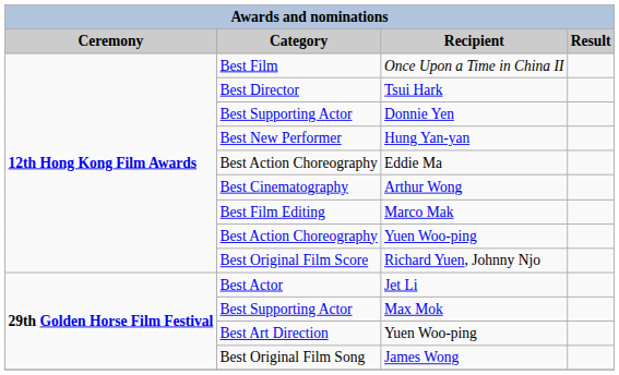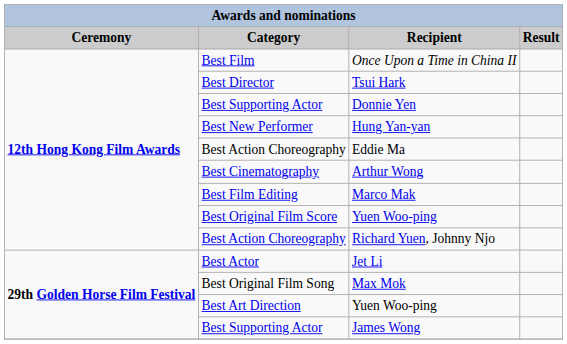 <table class="wikitable" style="font-size:95%;" ;>
 <tr>
 <th colspan="4" style="background: LightSteelBlue;">Awards and nominations</th>
 </tr>
 <tr>
 <th style="background:#ccc">Ceremony</th>
 <th style="background:#ccc">Category</th>
 <th style="background:#ccc">Recipient</th>
 <th style="background:#ccc">Result</th>
 </tr>
 <tr>
 <td rowspan=9><strong><a href='#'>12th Hong Kong Film Awards</a></strong></td>
 <td><a href='#'>Best Film</a></td>
 <td><em>Once Upon a Time in China II</em></td>
 <td></td>
 </tr>
 <tr>
 <td><a href='#'>Best Director</a></td>
 <td><a href='#'>Tsui Hark</a></td>
 <td></td>
 </tr>
 <tr>
 <td><a href='#'>Best Supporting Actor</a></td>
 <td><a href='#'>Donnie Yen</a></td>
 <td></td>
 </tr>
 <tr>
 <td><a href='#'>Best New Performer</a></td>
 <td><a href='#'>Hung Yan-yan</a></td>
 <td></td>
 </tr>
 <tr>
 <td>Best Action Choreography</td>
 <td>Eddie Ma</td>
 <td></td>
 </tr>
 <tr>
 <td><a href='#'>Best Cinematography</a></td>
 <td><a href='#'>Arthur Wong</a></td>
 <td></td>
 </tr>
 <tr>
 <td><a href='#'>Best Film Editing</a></td>
 <td><a href='#'>Marco Mak</a></td>
 <td></td>
 </tr>
 <tr>
-<td><a href='#'>Best Action Choreography</a></td>
+<td><a href='#'>Best Original Film Score</a></td>
 <td><a href='#'>Yuen Woo-ping</a></td>
 <td></td>
 </tr>
 <tr>
-<td><a href='#'>Best Original Film Score</a></td>
+<td><a href='#'>Best Action Choreography</a></td>
 <td><a href='#'>Richard Yuen</a>, Johnny Njo</td>
 <td></td>
 </tr>
 <tr>
 <td rowspan=4><strong>29th <a href='#'>Golden Horse Film Festival</a></strong></td>
 <td><a href='#'>Best Actor</a></td>
 <td><a href='#'>Jet Li</a></td>
 <td></td>
 </tr>
 <tr>
-<td><a href='#'>Best Supporting Actor</a></td>
+<td>Best Original Film Song</td>
 <td><a href='#'>Max Mok</a></td>
 <td></td>
 </tr>
 <tr>
 <td><a href='#'>Best Art Direction</a></td>
 <td>Yuen Woo-ping</td>
 <td></td>
 </tr>
 <tr>
-<td>Best Original Film Song</td>
+<td><a href='#'>Best Supporting Actor</a></td>
 <td><a href='#'>James Wong</a></td>
 <td></td>
 </tr>
 <tr>
 </tr>
 </table>
